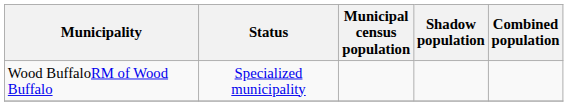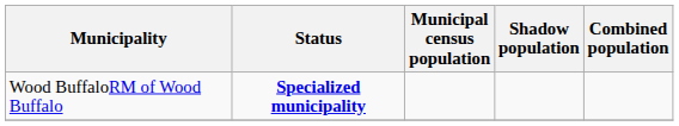 <table class="wikitable">
 <tr>
 <th>Municipality</th>
 <th>Status</th>
 <th>Municipal<br>census<br>population</th>
 <th>Shadow<br>population</th>
 <th>Combined<br>population</th>
 </tr>
 <tr>
 <td><span>Wood Buffalo</span><a href='#'>RM of Wood Buffalo</a></td>
-<td align=center><a href='#'>Specialized municipality</a></td>
+<td align=center><strong><a href='#'>Specialized municipality</a></strong></td>
 <td align=center></td>
 <td align=center></td>
 <td align=center></td>
 </tr>
 <tr>
 </tr>
 </table>
